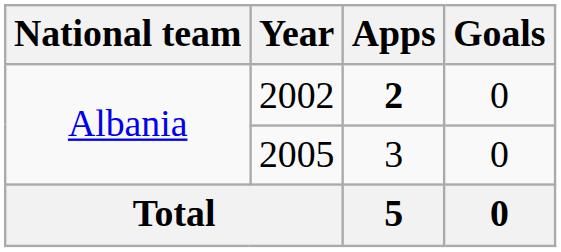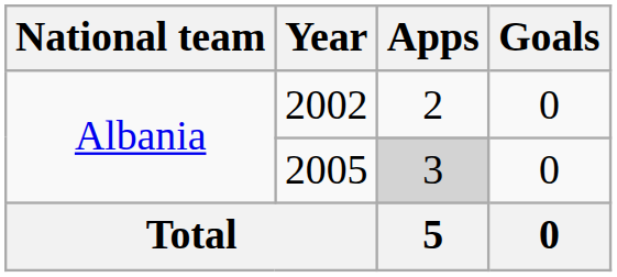 <table class=wikitable style="text-align: center;">
 <tr>
 <th>National team</th>
 <th>Year</th>
 <th>Apps</th>
 <th>Goals</th>
 </tr>
 <tr>
 <td rowspan=2><a href='#'>Albania</a></td>
 <td>2002</td>
-<td><strong>2</strong></td>
+<td>2</td>
 <td>0</td>
 </tr>
 <tr>
 <td>2005</td>
-<td>3</td>
+<td style="background: lightgrey;">3</td>
 <td>0</td>
 </tr>
 <tr>
 <th colspan=2>Total</th>
 <th>5</th>
 <th>0</th>
 </tr>
 </table>
